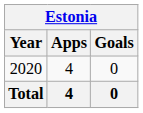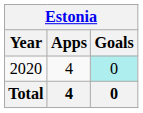 <table class="wikitable" style="text-align:center">
 <tr>
 <th colspan=3><a href='#'>Estonia</a></th>
 </tr>
 <tr>
 <th>Year</th>
 <th>Apps</th>
 <th>Goals</th>
 </tr>
 <tr>
 <td>2020</td>
 <td>4</td>
-<td>0</td>
+<td style="background: paleturquoise;">0</td>
 </tr>
 <tr>
 <th>Total</th>
 <th>4</th>
 <th>0</th>
 </tr>
 </table>
